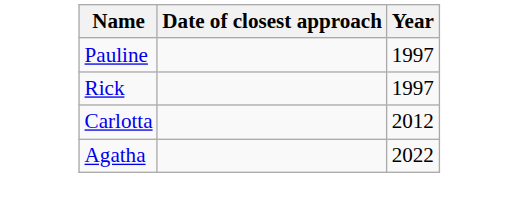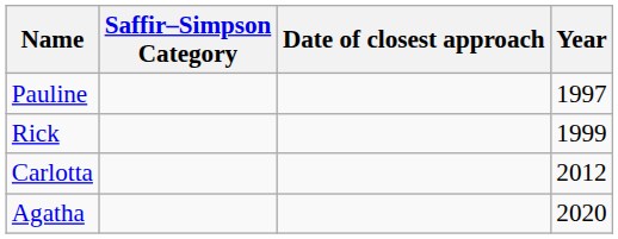 <table class = "wikitable" style="margin:1em auto;">
 <tr>
 <th>Name</th>
+<th><a href='#'>Saffir–Simpson</a><br>Category</th>
 <th>Date of closest approach</th>
 <th>Year</th>
 </tr>
 <tr>
 <td><a href='#'>Pauline</a></td>
 <td></td>
+<td></td>
 <td>1997</td>
 </tr>
 <tr>
 <td><a href='#'>Rick</a></td>
 <td></td>
-<td>1997</td>
+<td></td>
+<td>1999</td>
 </tr>
 <tr>
 <td><a href='#'>Carlotta</a></td>
+<td></td>
 <td></td>
 <td>2012</td>
 </tr>
 <tr>
 <td><a href='#'>Agatha</a></td>
 <td></td>
-<td>2022</td>
+<td></td>
+<td>2020</td>
 </tr>
 </table>
